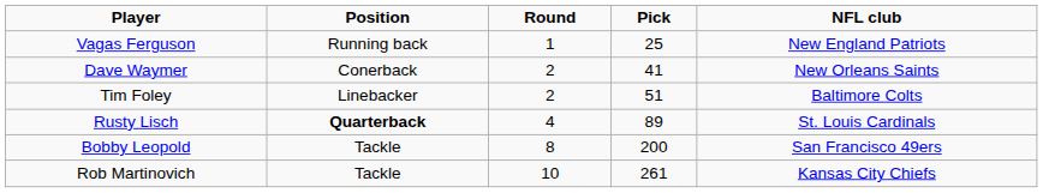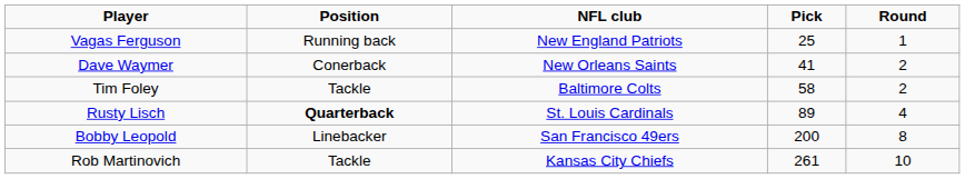 <table class="wikitable" width="80%">
 <tr align="center">
 <td><strong>Player</strong></td>
 <td><strong>Position</strong></td>
+<td><strong>NFL club</strong></td>
+<td><strong>Pick</strong></td>
 <td><strong>Round</strong></td>
-<td><strong>Pick</strong></td>
-<td><strong>NFL club</strong></td>
 </tr>
 <tr align="center" bgcolor="">
 <td><a href='#'>Vagas Ferguson</a></td>
 <td>Running back</td>
+<td><a href='#'>New England Patriots</a></td>
+<td>25</td>
 <td>1</td>
-<td>25</td>
-<td><a href='#'>New England Patriots</a></td>
 </tr>
 <tr align="center" bgcolor="">
 <td><a href='#'>Dave Waymer</a></td>
 <td>Conerback</td>
+<td><a href='#'>New Orleans Saints</a></td>
+<td>41</td>
 <td>2</td>
-<td>41</td>
-<td><a href='#'>New Orleans Saints</a></td>
 </tr>
 <tr align="center" bgcolor="">
 <td>Tim Foley</td>
-<td>Linebacker</td>
+<td>Tackle</td>
+<td><a href='#'>Baltimore Colts</a></td>
+<td>58</td>
 <td>2</td>
-<td>51</td>
-<td><a href='#'>Baltimore Colts</a></td>
 </tr>
 <tr align="center" bgcolor="">
 <td><a href='#'>Rusty Lisch</a></td>
 <td><strong>Quarterback</strong></td>
+<td><a href='#'>St. Louis Cardinals</a></td>
+<td>89</td>
 <td>4</td>
-<td>89</td>
-<td><a href='#'>St. Louis Cardinals</a></td>
 </tr>
 <tr align="center" bgcolor="">
 <td><a href='#'>Bobby Leopold</a></td>
-<td>Tackle</td>
+<td>Linebacker</td>
+<td><a href='#'>San Francisco 49ers</a></td>
+<td>200</td>
 <td>8</td>
-<td>200</td>
-<td><a href='#'>San Francisco 49ers</a></td>
 </tr>
 <tr align="center" bgcolor="">
 <td>Rob Martinovich</td>
 <td>Tackle</td>
+<td><a href='#'>Kansas City Chiefs</a></td>
+<td>261</td>
 <td>10</td>
-<td>261</td>
-<td><a href='#'>Kansas City Chiefs</a></td>
 </tr>
 </table>
